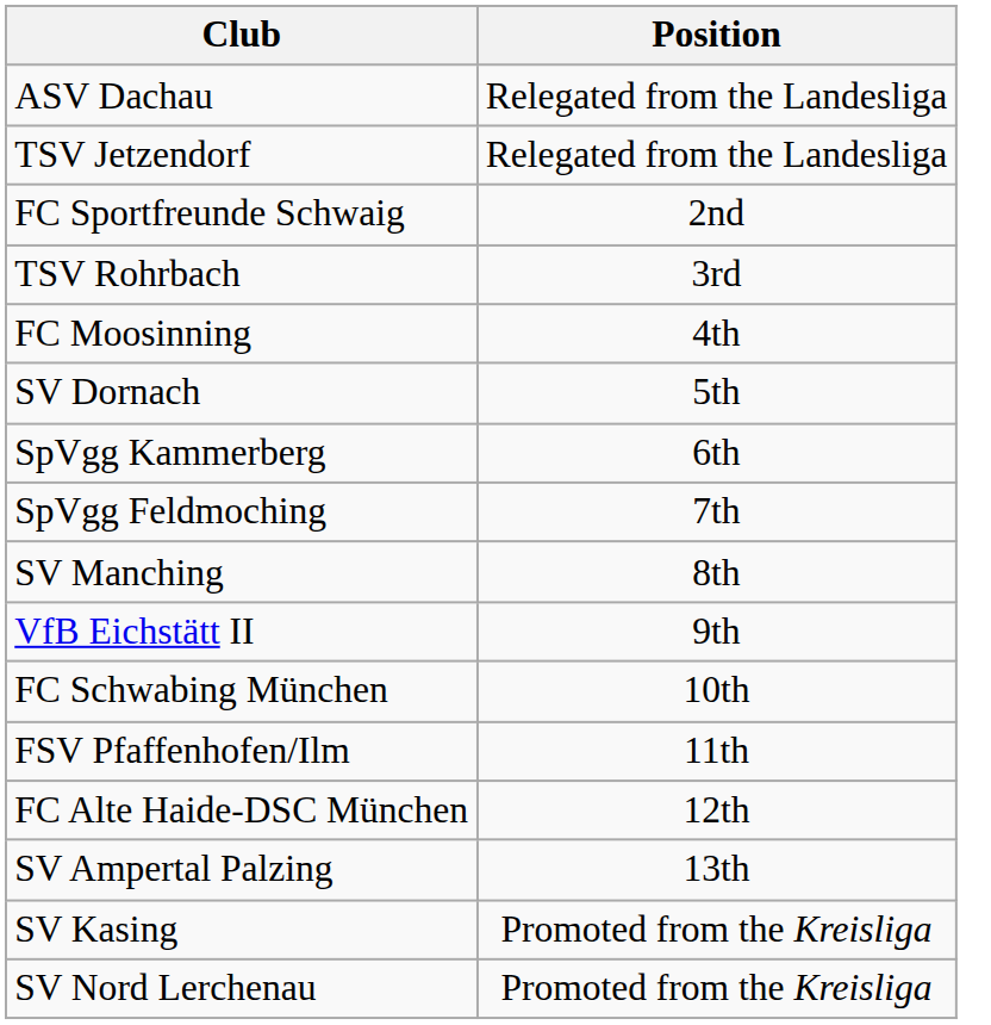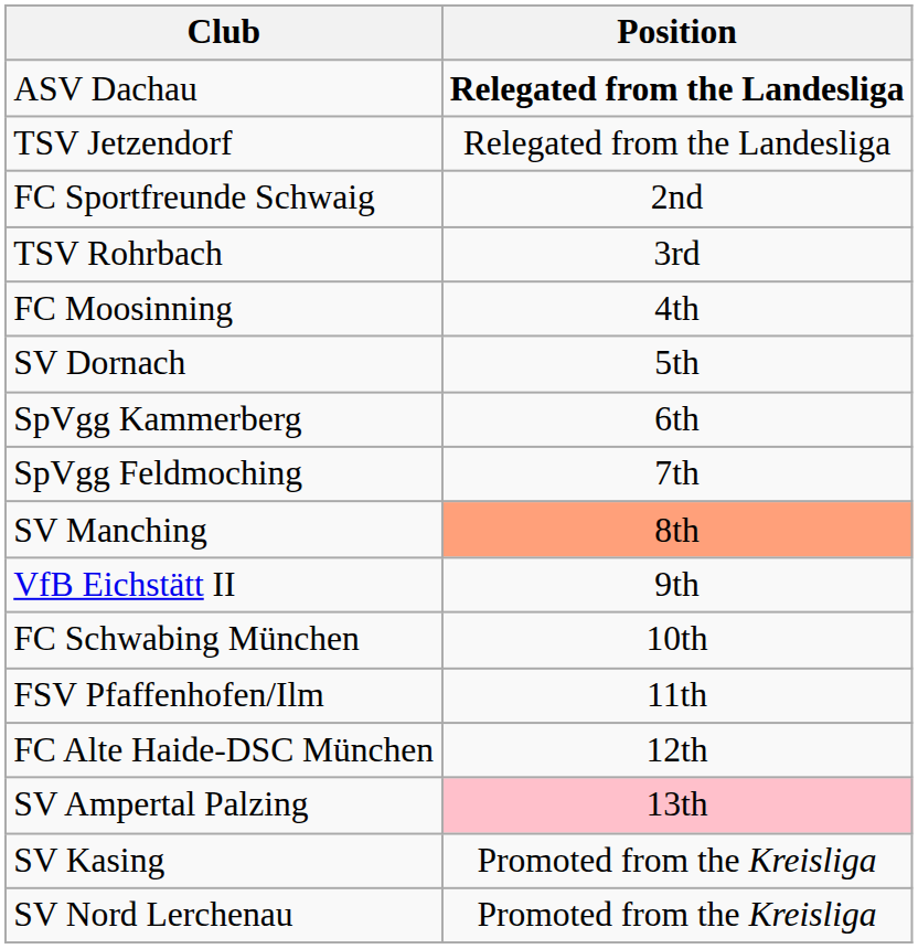 <table class="wikitable sortable" style="text-align:center">
 <tr>
 <th>Club</th>
 <th>Position</th>
 </tr>
 <tr>
 <td style="text-align:left;">ASV Dachau</td>
-<td>Relegated from the Landesliga</td>
+<td><strong>Relegated from the Landesliga</strong></td>
 </tr>
 <tr>
 <td style="text-align:left;">TSV Jetzendorf</td>
 <td>Relegated from the Landesliga</td>
 </tr>
 <tr>
 <td style="text-align:left;">FC Sportfreunde Schwaig</td>
 <td>2nd</td>
 </tr>
 <tr>
 <td style="text-align:left;">TSV Rohrbach</td>
 <td>3rd</td>
 </tr>
 <tr>
 <td style="text-align:left;">FC Moosinning</td>
 <td>4th</td>
 </tr>
 <tr>
 <td style="text-align:left;">SV Dornach</td>
 <td>5th</td>
 </tr>
 <tr>
 <td style="text-align:left;">SpVgg Kammerberg</td>
 <td>6th</td>
 </tr>
 <tr>
 <td style="text-align:left;">SpVgg Feldmoching</td>
 <td>7th</td>
 </tr>
 <tr>
 <td style="text-align:left;">SV Manching</td>
-<td>8th</td>
+<td style="background: lightsalmon;">8th</td>
 </tr>
 <tr>
 <td style="text-align:left;"><a href='#'>VfB Eichstätt</a> II</td>
 <td>9th</td>
 </tr>
 <tr>
 <td style="text-align:left;">FC Schwabing München</td>
 <td>10th</td>
 </tr>
 <tr>
 <td style="text-align:left;">FSV Pfaffenhofen/Ilm</td>
 <td>11th</td>
 </tr>
 <tr>
 <td style="text-align:left;">FC Alte Haide-DSC München</td>
 <td>12th</td>
 </tr>
 <tr>
 <td style="text-align:left;">SV Ampertal Palzing</td>
-<td>13th</td>
+<td style="background: pink;">13th</td>
 </tr>
 <tr>
 <td style="text-align:left;">SV Kasing</td>
 <td>Promoted from the <em>Kreisliga</em></td>
 </tr>
 <tr>
 <td style="text-align:left;">SV Nord Lerchenau</td>
 <td>Promoted from the <em>Kreisliga</em></td>
 </tr>
 </table>
